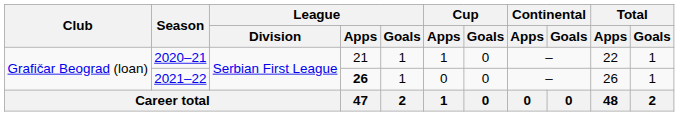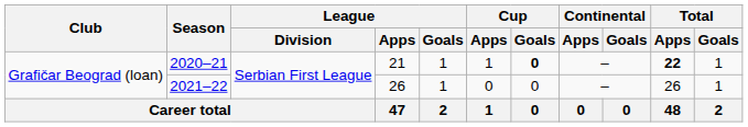 <table class="wikitable" style="text-align: center">
 <tr>
 <th rowspan="2">Club</th>
 <th rowspan="2">Season</th>
 <th colspan="3">League</th>
 <th colspan="2">Cup</th>
 <th colspan="2">Continental</th>
 <th colspan="2">Total</th>
 </tr>
 <tr>
 <th>Division</th>
 <th>Apps</th>
 <th>Goals</th>
 <th>Apps</th>
 <th>Goals</th>
 <th>Apps</th>
 <th>Goals</th>
 <th>Apps</th>
 <th>Goals</th>
 </tr>
 <tr>
 <td rowspan=2><a href='#'>Grafičar Beograd</a> (loan)</td>
 <td><a href='#'>2020–21</a></td>
 <td rowspan=2><a href='#'>Serbian First League</a></td>
 <td>21</td>
 <td>1</td>
 <td>1</td>
-<td>0</td>
+<td><strong>0</strong></td>
 <td colspan="2">–</td>
-<td>22</td>
+<td><strong>22</strong></td>
 <td>1</td>
 </tr>
 <tr>
 <td><a href='#'>2021–22</a></td>
-<td><strong>26</strong></td>
+<td>26</td>
 <td>1</td>
 <td>0</td>
 <td>0</td>
 <td colspan="2">–</td>
 <td>26</td>
 <td>1</td>
 </tr>
 <tr>
 <th colspan="3"><strong>Career total</strong></th>
 <th>47</th>
 <th>2</th>
 <th>1</th>
 <th>0</th>
 <th>0</th>
 <th>0</th>
 <th>48</th>
 <th>2</th>
 </tr>
 </table>
